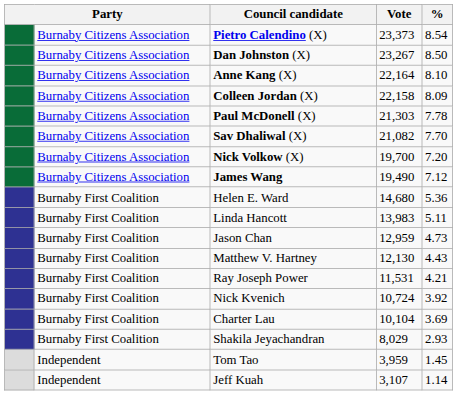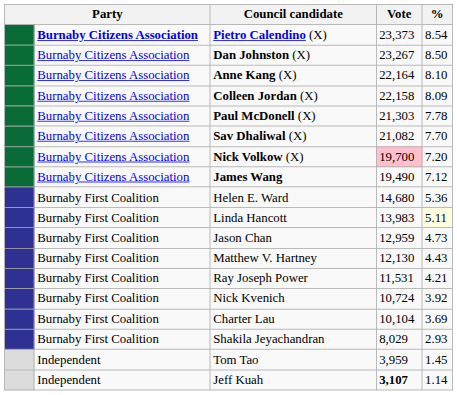 <table class="wikitable">
 <tr>
 <th bgcolor="#DDDDFF" width="250px" colspan="2">Party</th>
 <th bgcolor="#DDDDFF" width="200px">Council candidate</th>
 <th bgcolor="#DDDDFF" width="50px">Vote</th>
 <th bgcolor="#DDDDFF" width="30px">%</th>
 </tr>
 <tr>
 <td style="background:#096C38;" width="30px"> </td>
-<td><a href='#'>Burnaby Citizens Association</a></td>
+<td><strong><a href='#'>Burnaby Citizens Association</a></strong></td>
 <td><strong><a href='#'>Pietro Calendino</a></strong> (X)</td>
 <td>23,373</td>
 <td>8.54</td>
 </tr>
 <tr>
 <td style="background:#096C38;" width="30px"> </td>
 <td><a href='#'>Burnaby Citizens Association</a></td>
 <td><strong>Dan Johnston</strong> (X)</td>
 <td>23,267</td>
 <td>8.50</td>
 </tr>
 <tr>
 <td style="background:#096C38;" width="30px"> </td>
 <td><a href='#'>Burnaby Citizens Association</a></td>
 <td><strong>Anne Kang</strong> (X)</td>
 <td>22,164</td>
 <td>8.10</td>
 </tr>
 <tr>
 <td style="background:#096C38;" width="30px"> </td>
 <td><a href='#'>Burnaby Citizens Association</a></td>
 <td><strong>Colleen Jordan</strong> (X)</td>
 <td>22,158</td>
 <td>8.09</td>
 </tr>
 <tr>
 <td style="background:#096C38;" width="30px"> </td>
 <td><a href='#'>Burnaby Citizens Association</a></td>
 <td><strong>Paul McDonell</strong> (X)</td>
 <td>21,303</td>
 <td>7.78</td>
 </tr>
 <tr>
 <td style="background:#096C38;" width="30px"> </td>
 <td><a href='#'>Burnaby Citizens Association</a></td>
 <td><strong>Sav Dhaliwal</strong> (X)</td>
 <td>21,082</td>
 <td>7.70</td>
 </tr>
 <tr>
 <td style="background:#096C38;" width="30px"> </td>
 <td><a href='#'>Burnaby Citizens Association</a></td>
 <td><strong>Nick Volkow</strong> (X)</td>
-<td>19,700</td>
+<td style="background: pink;">19,700</td>
 <td>7.20</td>
 </tr>
 <tr>
 <td style="background:#096C38;" width="30px"> </td>
 <td><a href='#'>Burnaby Citizens Association</a></td>
 <td><strong>James Wang</strong></td>
 <td>19,490</td>
 <td>7.12</td>
 </tr>
 <tr>
 <td style="background:#2E3192;" width="30px"> </td>
 <td>Burnaby First Coalition</td>
 <td>Helen E. Ward</td>
 <td>14,680</td>
 <td>5.36</td>
 </tr>
 <tr>
 <td style="background:#2E3192;" width="30px"> </td>
 <td>Burnaby First Coalition</td>
 <td>Linda Hancott</td>
 <td>13,983</td>
-<td>5.11</td>
+<td style="background: lightyellow;">5.11</td>
 </tr>
 <tr>
 <td style="background:#2E3192;" width="30px"> </td>
 <td>Burnaby First Coalition</td>
 <td>Jason Chan</td>
 <td>12,959</td>
 <td>4.73</td>
 </tr>
 <tr>
 <td style="background:#2E3192;" width="30px"> </td>
 <td>Burnaby First Coalition</td>
 <td>Matthew V. Hartney</td>
 <td>12,130</td>
 <td>4.43</td>
 </tr>
 <tr>
 <td style="background:#2E3192;" width="30px"> </td>
 <td>Burnaby First Coalition</td>
 <td>Ray Joseph Power</td>
 <td>11,531</td>
 <td>4.21</td>
 </tr>
 <tr>
 <td style="background:#2E3192;" width="30px"> </td>
 <td>Burnaby First Coalition</td>
 <td>Nick Kvenich</td>
 <td>10,724</td>
 <td>3.92</td>
 </tr>
 <tr>
 <td style="background:#2E3192;" width="30px"> </td>
 <td>Burnaby First Coalition</td>
 <td>Charter Lau</td>
 <td>10,104</td>
 <td>3.69</td>
 </tr>
 <tr>
 <td style="background:#2E3192;" width="30px"> </td>
 <td>Burnaby First Coalition</td>
 <td>Shakila Jeyachandran</td>
 <td>8,029</td>
 <td>2.93</td>
 </tr>
 <tr>
 <td style="background:gainsboro" width="30px"> </td>
 <td>Independent</td>
 <td>Tom Tao</td>
 <td>3,959</td>
 <td>1.45</td>
 </tr>
 <tr>
 <td style="background:gainsboro" width="30px"> </td>
 <td>Independent</td>
 <td>Jeff Kuah</td>
-<td>3,107</td>
+<td><strong>3,107</strong></td>
 <td>1.14</td>
 </tr>
 </table>
